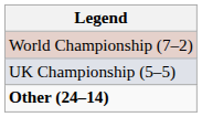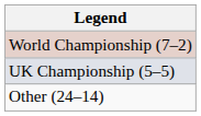 <table class="wikitable">
 <tr>
 <th>Legend</th>
 </tr>
 <tr style="background:#e5d1cb;">
 <td>World Championship (7–2)</td>
 </tr>
 <tr style="background:#dfe2e9;">
 <td>UK Championship (5–5)</td>
 </tr>
 <tr bgcolor=>
-<td><strong>Other (24–14)</strong></td>
+<td>Other (24–14)</td>
 </tr>
 </table>
